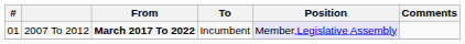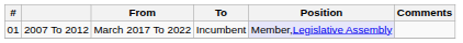 <table class="wikitable sortable">
 <tr>
 <th>#</th>
 <th></th>
 <th>From</th>
 <th>To</th>
 <th>Position</th>
 <th>Comments</th>
 </tr>
 <tr>
 <td>01</td>
 <td>2007 To 2012</td>
-<td><strong>March 2017 To 2022</strong></td>
+<td>March 2017 To 2022</td>
 <td>Incumbent</td>
 <td style="background: lavender;">Member,<a href='#'>Legislative Assembly</a></td>
 <td></td>
 </tr>
 <tr>
 </tr>
 </table>
